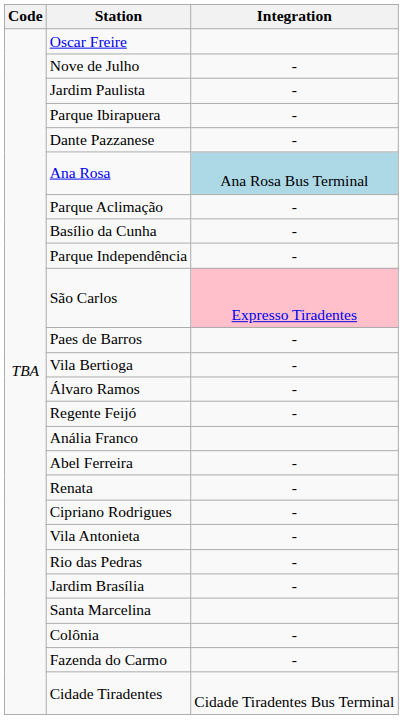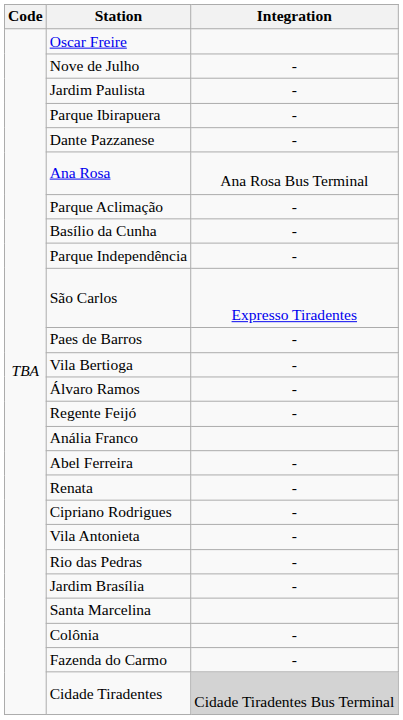 <table class="wikitable">
 <tr>
 <th>Code</th>
 <th>Station</th>
 <th>Integration</th>
 </tr>
 <tr>
 <td rowspan="25" style="text-align:center;"><em>TBA</em></td>
 <td><a href='#'>Oscar Freire</a></td>
 <td style="text-align:center;"> </td>
 </tr>
 <tr>
 <td>Nove de Julho</td>
 <td style="text-align:center;">-</td>
 </tr>
 <tr>
 <td>Jardim Paulista</td>
 <td style="text-align:center;">-</td>
 </tr>
 <tr>
 <td>Parque Ibirapuera</td>
 <td style="text-align:center;">-</td>
 </tr>
 <tr>
 <td>Dante Pazzanese</td>
 <td style="text-align:center;">-</td>
 </tr>
 <tr>
 <td><a href='#'>Ana Rosa</a></td>
-<td style="background: lightblue; text-align:center;">  <br> Ana Rosa Bus Terminal</td>
+<td style="text-align:center;">  <br> Ana Rosa Bus Terminal</td>
 </tr>
 <tr>
 <td>Parque Aclimação</td>
 <td style="text-align:center;">-</td>
 </tr>
 <tr>
 <td>Basílio da Cunha</td>
 <td style="text-align:center;">-</td>
 </tr>
 <tr>
 <td>Parque Independência</td>
 <td style="text-align:center;">-</td>
 </tr>
 <tr>
 <td>São Carlos</td>
-<td style="background: pink; text-align:center;"> <br>  <br>  <a href='#'>Expresso Tiradentes</a></td>
+<td style="text-align:center;"> <br>  <br>  <a href='#'>Expresso Tiradentes</a></td>
 </tr>
 <tr>
 <td>Paes de Barros</td>
 <td style="text-align:center;">-</td>
 </tr>
 <tr>
 <td>Vila Bertioga</td>
 <td style="text-align:center;">-</td>
 </tr>
 <tr>
 <td>Álvaro Ramos</td>
 <td style="text-align:center;">-</td>
 </tr>
 <tr>
 <td>Regente Feijó</td>
 <td style="text-align:center;">-</td>
 </tr>
 <tr>
 <td>Anália Franco</td>
 <td style="text-align:center;"> </td>
 </tr>
 <tr>
 <td>Abel Ferreira</td>
 <td style="text-align:center;">-</td>
 </tr>
 <tr>
 <td>Renata</td>
 <td style="text-align:center;">-</td>
 </tr>
 <tr>
 <td>Cipriano Rodrigues</td>
 <td style="text-align:center;">-</td>
 </tr>
 <tr>
 <td>Vila Antonieta</td>
 <td style="text-align:center;">-</td>
 </tr>
 <tr>
 <td>Rio das Pedras</td>
 <td style="text-align:center;">-</td>
 </tr>
 <tr>
 <td>Jardim Brasília</td>
 <td style="text-align:center;">-</td>
 </tr>
 <tr>
 <td>Santa Marcelina</td>
 <td style="text-align:center;"> </td>
 </tr>
 <tr>
 <td>Colônia</td>
 <td style="text-align:center;">-</td>
 </tr>
 <tr>
 <td>Fazenda do Carmo</td>
 <td style="text-align:center;">-</td>
 </tr>
 <tr>
 <td>Cidade Tiradentes</td>
-<td style="text-align:center;"> <br> Cidade Tiradentes Bus Terminal</td>
+<td style="background: lightgrey; text-align:center;"> <br> Cidade Tiradentes Bus Terminal</td>
 </tr>
 </table>
